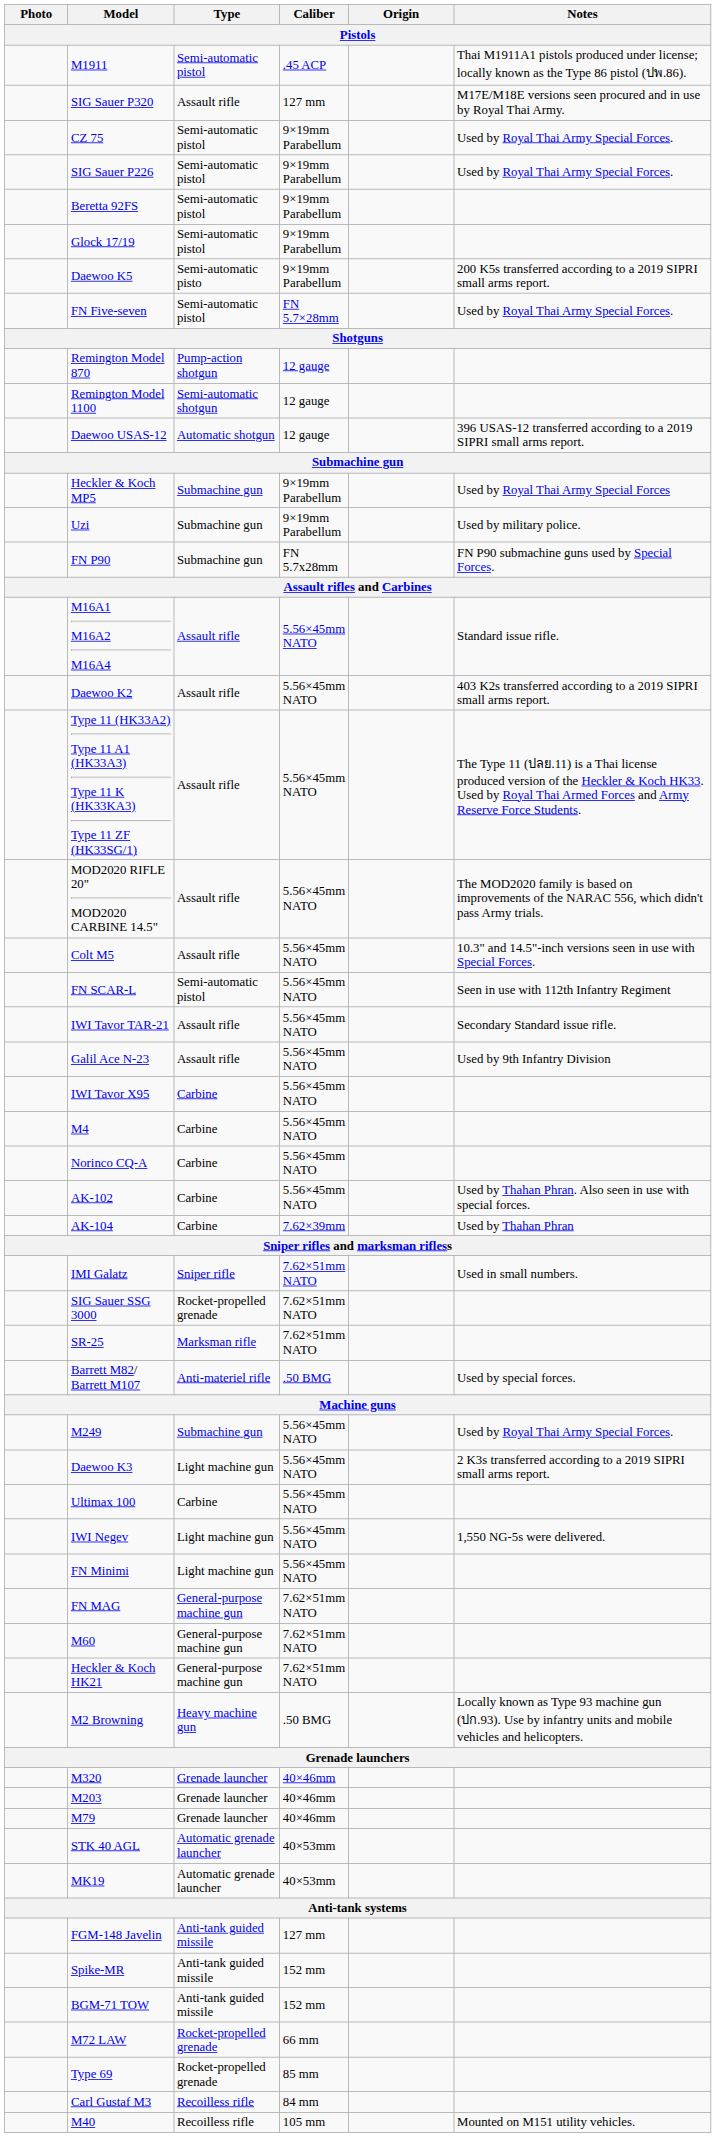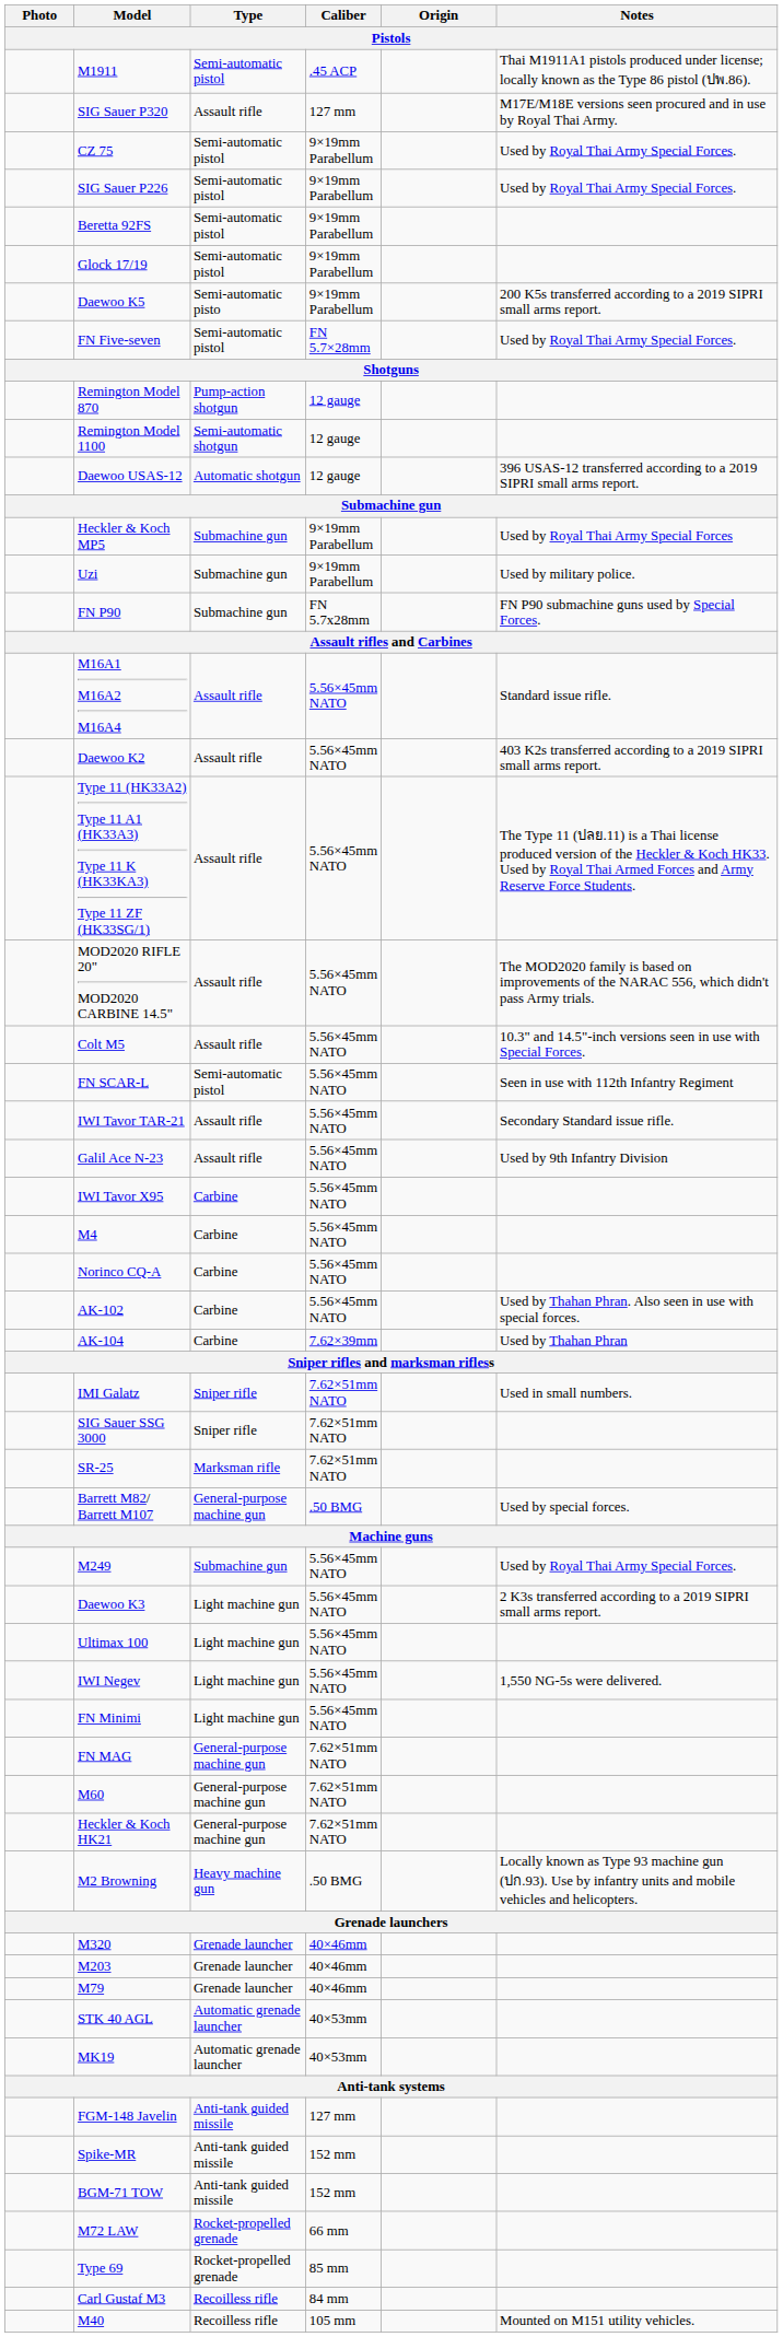 <table class="wikitable" style="width:100%;">
 <tr>
 <th style="width:9%;">Photo</th>
 <th style="width:15%;">Model</th>
 <th style="width:15%;">Type</th>
 <th style="width:5%;">Caliber</th>
 <th style="width:15%;">Origin</th>
 <th>Notes</th>
 </tr>
 <tr>
 <th style="align: centre;" colspan="7"><a href='#'>Pistols</a></th>
 </tr>
 <tr>
 <td></td>
 <td><a href='#'>M1911</a></td>
 <td><a href='#'>Semi-automatic pistol</a></td>
 <td><a href='#'>.45 ACP</a></td>
 <td> <br> </td>
 <td>Thai M1911A1 pistols produced under license; locally known as the Type 86 pistol (ปพ.86).</td>
 </tr>
 <tr>
 <td></td>
 <td><a href='#'>SIG Sauer P320</a></td>
 <td>Assault rifle</td>
 <td>127 mm</td>
 <td></td>
 <td>M17E/M18E versions seen procured and in use by Royal Thai Army.</td>
 </tr>
 <tr>
 <td></td>
 <td><a href='#'>CZ 75</a></td>
 <td>Semi-automatic pistol</td>
 <td>9×19mm Parabellum</td>
 <td></td>
 <td>Used by <a href='#'>Royal Thai Army Special Forces</a>.</td>
 </tr>
 <tr>
 <td></td>
 <td><a href='#'>SIG Sauer P226</a></td>
 <td>Semi-automatic pistol</td>
 <td>9×19mm Parabellum</td>
 <td><br></td>
 <td>Used by <a href='#'>Royal Thai Army Special Forces</a>.</td>
 </tr>
 <tr>
 <td></td>
 <td><a href='#'>Beretta 92FS</a></td>
 <td>Semi-automatic pistol</td>
 <td>9×19mm Parabellum</td>
 <td></td>
 <td></td>
 </tr>
 <tr>
 <td></td>
 <td><a href='#'>Glock 17/19</a></td>
 <td>Semi-automatic pistol</td>
 <td>9×19mm Parabellum</td>
 <td></td>
 <td></td>
 </tr>
 <tr>
 <td></td>
 <td><a href='#'>Daewoo K5</a></td>
 <td>Semi-automatic pisto</td>
 <td>9×19mm Parabellum</td>
 <td></td>
 <td>200 K5s transferred according to a 2019 SIPRI small arms report.</td>
 </tr>
 <tr>
 <td></td>
 <td><a href='#'>FN Five-seven</a></td>
 <td>Semi-automatic pistol</td>
 <td><a href='#'>FN 5.7×28mm</a></td>
 <td></td>
 <td>Used by <a href='#'>Royal Thai Army Special Forces</a>.</td>
 </tr>
 <tr>
 <th style="align: centre;" colspan="7"><a href='#'>Shotguns</a></th>
 </tr>
 <tr>
 <td></td>
 <td><a href='#'>Remington Model 870</a></td>
 <td><a href='#'>Pump-action</a> <a href='#'>shotgun</a></td>
 <td><a href='#'>12 gauge</a></td>
 <td></td>
 <td></td>
 </tr>
 <tr>
 <td></td>
 <td><a href='#'>Remington Model 1100</a></td>
 <td><a href='#'>Semi-automatic shotgun</a></td>
 <td>12 gauge</td>
 <td></td>
 <td></td>
 </tr>
 <tr>
 <td></td>
 <td><a href='#'>Daewoo USAS-12</a></td>
 <td><a href='#'>Automatic shotgun</a></td>
 <td>12 gauge</td>
 <td></td>
 <td>396 USAS-12 transferred according to a 2019 SIPRI small arms report.</td>
 </tr>
 <tr>
 <th style="align: centre;" colspan="7"><a href='#'>Submachine gun</a></th>
 </tr>
 <tr>
 <td></td>
 <td><a href='#'>Heckler & Koch MP5</a></td>
 <td><a href='#'>Submachine gun</a></td>
 <td>9×19mm Parabellum</td>
 <td></td>
 <td>Used by <a href='#'>Royal Thai Army Special Forces</a></td>
 </tr>
 <tr>
 <td></td>
 <td><a href='#'>Uzi</a></td>
 <td>Submachine gun</td>
 <td>9×19mm Parabellum</td>
 <td></td>
 <td>Used by military police.</td>
 </tr>
 <tr>
 <td></td>
 <td><a href='#'>FN P90</a></td>
 <td>Submachine gun</td>
 <td>FN 5.7x28mm</td>
 <td></td>
 <td>FN P90 submachine guns used by <a href='#'>Special Forces</a>.</td>
 </tr>
 <tr>
 <th style="align: centre;" colspan="7"><a href='#'>Assault rifles</a> and <a href='#'>Carbines</a></th>
 </tr>
 <tr>
 <td></td>
 <td><a href='#'>M16A1</a> <hr><a href='#'>M16A2</a><hr><a href='#'>M16A4</a></td>
 <td><a href='#'>Assault rifle</a></td>
 <td><a href='#'>5.56×45mm NATO</a></td>
 <td> <br> </td>
 <td>Standard issue rifle.</td>
 </tr>
 <tr>
 <td></td>
 <td><a href='#'>Daewoo K2</a></td>
 <td>Assault rifle</td>
 <td>5.56×45mm NATO</td>
 <td></td>
 <td>403 K2s transferred according to a 2019 SIPRI small arms report.</td>
 </tr>
 <tr>
 <td></td>
 <td><a href='#'>Type 11 (HK33A2)</a><hr><a href='#'>Type 11 A1 (HK33A3)</a><hr><a href='#'>Type 11 K (HK33KA3)</a><hr><a href='#'>Type 11 ZF (HK33SG/1)</a></td>
 <td>Assault rifle</td>
 <td>5.56×45mm NATO</td>
 <td></td>
 <td>The Type 11 (ปลย.11) is a Thai license produced version of the <a href='#'>Heckler & Koch HK33</a>. Used by <a href='#'>Royal Thai Armed Forces</a> and <a href='#'>Army Reserve Force Students</a>.</td>
 </tr>
 <tr>
 <td></td>
 <td>MOD2020 RIFLE 20"<hr>MOD2020 CARBINE 14.5"</td>
 <td>Assault rifle</td>
 <td>5.56×45mm NATO</td>
 <td></td>
 <td>The MOD2020 family is based on improvements of the NARAC 556, which didn't pass Army trials.</td>
 </tr>
 <tr>
 <td></td>
 <td><a href='#'>Colt M5</a></td>
 <td>Assault rifle</td>
 <td>5.56×45mm NATO</td>
 <td></td>
 <td>10.3" and 14.5"-inch versions seen in use with <a href='#'>Special Forces</a>.</td>
 </tr>
 <tr>
 <td></td>
 <td><a href='#'>FN SCAR-L</a></td>
 <td>Semi-automatic pistol</td>
 <td>5.56×45mm NATO</td>
 <td></td>
 <td>Seen in use with 112th Infantry Regiment</td>
 </tr>
 <tr>
 <td></td>
 <td><a href='#'>IWI Tavor TAR-21</a></td>
 <td>Assault rifle</td>
 <td>5.56×45mm NATO</td>
 <td></td>
 <td>Secondary Standard issue rifle.</td>
 </tr>
 <tr>
 <td></td>
 <td><a href='#'>Galil Ace N-23</a></td>
 <td>Assault rifle</td>
 <td>5.56×45mm NATO</td>
 <td></td>
 <td>Used by 9th Infantry Division</td>
 </tr>
 <tr>
 <td></td>
 <td><a href='#'>IWI Tavor X95</a></td>
 <td><a href='#'>Carbine</a></td>
 <td>5.56×45mm NATO</td>
 <td></td>
 <td></td>
 </tr>
 <tr>
 <td></td>
 <td><a href='#'>M4</a></td>
 <td>Carbine</td>
 <td>5.56×45mm NATO</td>
 <td></td>
 <td></td>
 </tr>
 <tr>
 <td></td>
 <td><a href='#'>Norinco CQ-A</a></td>
 <td>Carbine</td>
 <td>5.56×45mm NATO</td>
 <td></td>
 <td></td>
 </tr>
 <tr>
 <td></td>
 <td><a href='#'>AK-102</a></td>
 <td>Carbine</td>
 <td>5.56×45mm NATO</td>
 <td></td>
 <td>Used by <a href='#'>Thahan Phran</a>. Also seen in use with special forces.</td>
 </tr>
 <tr>
 <td></td>
 <td><a href='#'>AK-104</a></td>
 <td>Carbine</td>
 <td><a href='#'>7.62×39mm</a></td>
 <td></td>
 <td>Used by <a href='#'>Thahan Phran</a></td>
 </tr>
 <tr>
 <th style="align: centre;" colspan="7"><a href='#'>Sniper rifles</a> and <a href='#'>marksman rifles</a>s</th>
 </tr>
 <tr>
 <td></td>
 <td><a href='#'>IMI Galatz</a></td>
 <td><a href='#'>Sniper rifle</a></td>
 <td><a href='#'>7.62×51mm NATO</a></td>
 <td></td>
 <td>Used in small numbers.</td>
 </tr>
 <tr>
 <td></td>
 <td><a href='#'>SIG Sauer SSG 3000</a></td>
-<td>Rocket-propelled grenade</td>
+<td>Sniper rifle</td>
 <td>7.62×51mm NATO</td>
 <td><br></td>
 <td></td>
 </tr>
 <tr>
 <td></td>
 <td><a href='#'>SR-25</a></td>
 <td><a href='#'>Marksman rifle</a></td>
 <td>7.62×51mm NATO</td>
 <td></td>
 <td></td>
 </tr>
 <tr>
 <td></td>
 <td><a href='#'>Barrett M82</a>/<br><a href='#'>Barrett M107</a></td>
-<td><a href='#'>Anti-materiel rifle</a></td>
+<td><a href='#'>General-purpose machine gun</a></td>
 <td><a href='#'>.50 BMG</a></td>
 <td></td>
 <td>Used by special forces.</td>
 </tr>
 <tr>
 <th style="align: centre;" colspan="7"><a href='#'>Machine guns</a></th>
 </tr>
 <tr>
 <td></td>
 <td><a href='#'>M249</a></td>
 <td><a href='#'>Submachine gun</a></td>
 <td>5.56×45mm NATO</td>
 <td></td>
 <td>Used by <a href='#'>Royal Thai Army Special Forces</a>.</td>
 </tr>
 <tr>
 <td></td>
 <td><a href='#'>Daewoo K3</a></td>
 <td>Light machine gun</td>
 <td>5.56×45mm NATO</td>
 <td></td>
 <td>2 K3s transferred according to a 2019 SIPRI small arms report.</td>
 </tr>
 <tr>
 <td></td>
 <td><a href='#'>Ultimax 100</a></td>
-<td>Carbine</td>
+<td>Light machine gun</td>
 <td>5.56×45mm NATO</td>
 <td></td>
 <td></td>
 </tr>
 <tr>
 <td></td>
 <td><a href='#'>IWI Negev</a></td>
 <td>Light machine gun</td>
 <td>5.56×45mm NATO</td>
 <td></td>
 <td>1,550 NG-5s were delivered.</td>
 </tr>
 <tr>
 <td></td>
 <td><a href='#'>FN Minimi</a></td>
 <td>Light machine gun</td>
 <td>5.56×45mm NATO</td>
 <td></td>
 <td></td>
 </tr>
 <tr>
 <td></td>
 <td><a href='#'>FN MAG</a></td>
 <td><a href='#'>General-purpose machine gun</a></td>
 <td>7.62×51mm NATO</td>
 <td></td>
 <td></td>
 </tr>
 <tr>
 <td></td>
 <td><a href='#'>M60</a></td>
 <td>General-purpose machine gun</td>
 <td>7.62×51mm NATO</td>
 <td></td>
 <td></td>
 </tr>
 <tr>
 <td></td>
 <td><a href='#'>Heckler & Koch HK21</a></td>
 <td>General-purpose machine gun</td>
 <td>7.62×51mm NATO</td>
 <td></td>
 <td></td>
 </tr>
 <tr>
 <td></td>
 <td><a href='#'>M2 Browning</a></td>
 <td><a href='#'>Heavy machine gun</a></td>
 <td>.50 BMG</td>
 <td></td>
 <td>Locally known as Type 93 machine gun (ปก.93). Use by infantry units and mobile vehicles and helicopters.</td>
 </tr>
 <tr>
 <th style="align: centre;" colspan="7">Grenade launchers</th>
 </tr>
 <tr>
 <td></td>
 <td><a href='#'>M320</a></td>
 <td><a href='#'>Grenade launcher</a></td>
 <td><a href='#'>40×46mm</a></td>
 <td><br></td>
 <td></td>
 </tr>
 <tr>
 <td></td>
 <td><a href='#'>M203</a></td>
 <td>Grenade launcher</td>
 <td>40×46mm</td>
 <td></td>
 <td></td>
 </tr>
 <tr>
 <td></td>
 <td><a href='#'>M79</a></td>
 <td>Grenade launcher</td>
 <td>40×46mm</td>
 <td></td>
 <td></td>
 </tr>
 <tr>
 <td></td>
 <td><a href='#'>STK 40 AGL</a></td>
 <td><a href='#'>Automatic grenade launcher</a></td>
 <td>40×53mm</td>
 <td></td>
 <td></td>
 </tr>
 <tr>
 <td></td>
 <td><a href='#'>MK19</a></td>
 <td>Automatic grenade launcher</td>
 <td>40×53mm</td>
 <td></td>
 <td></td>
 </tr>
 <tr>
 <th style="align: centre;" colspan="7">Anti-tank systems</th>
 </tr>
 <tr>
 <td></td>
 <td><a href='#'>FGM-148 Javelin</a></td>
 <td><a href='#'>Anti-tank guided missile</a></td>
 <td>127 mm</td>
 <td></td>
 <td></td>
 </tr>
 <tr>
 <td></td>
 <td><a href='#'>Spike-MR</a></td>
 <td>Anti-tank guided missile</td>
 <td>152 mm</td>
 <td></td>
 <td></td>
 </tr>
 <tr>
 <td></td>
 <td><a href='#'>BGM-71 TOW</a></td>
 <td>Anti-tank guided missile</td>
 <td>152 mm</td>
 <td></td>
 <td></td>
 </tr>
 <tr>
 <td></td>
 <td><a href='#'>M72 LAW</a></td>
 <td><a href='#'>Rocket-propelled grenade</a></td>
 <td>66 mm</td>
 <td></td>
 <td></td>
 </tr>
 <tr>
 <td></td>
 <td><a href='#'>Type 69</a></td>
 <td>Rocket-propelled grenade</td>
 <td>85 mm</td>
 <td></td>
 <td></td>
 </tr>
 <tr>
 <td></td>
 <td><a href='#'>Carl Gustaf M3</a></td>
 <td><a href='#'>Recoilless rifle</a></td>
 <td>84 mm</td>
 <td></td>
 <td></td>
 </tr>
 <tr>
 <td></td>
 <td><a href='#'>M40</a></td>
 <td>Recoilless rifle</td>
 <td>105 mm</td>
 <td></td>
 <td>Mounted on M151 utility vehicles.</td>
 </tr>
 </table>
